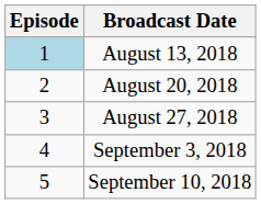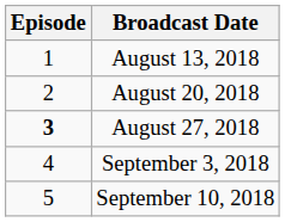 <table class="wikitable" style="text-align:center;">
 <tr>
 <th>Episode</th>
 <th>Broadcast Date</th>
 </tr>
 <tr>
-<td style="background: lightblue;">1</td>
+<td>1</td>
 <td>August 13, 2018</td>
 </tr>
 <tr>
 <td>2</td>
 <td>August 20, 2018</td>
 </tr>
 <tr>
-<td>3</td>
+<td><strong>3</strong></td>
 <td>August 27, 2018</td>
 </tr>
 <tr>
 <td>4</td>
 <td>September 3, 2018</td>
 </tr>
 <tr>
 <td>5</td>
 <td>September 10, 2018</td>
 </tr>
 </table>
